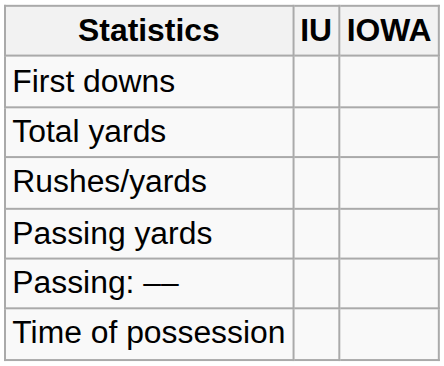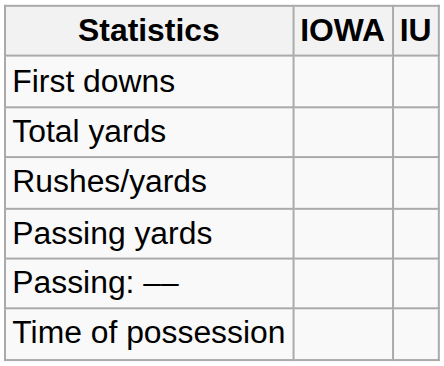 <table class="wikitable" style="float:left">
 <tr>
 <th>Statistics</th>
+<th>IOWA</th>
 <th>IU</th>
-<th>IOWA</th>
 </tr>
 <tr>
 <td>First downs</td>
 <td></td>
 <td></td>
 </tr>
 <tr>
 <td>Total yards</td>
 <td></td>
 <td></td>
 </tr>
 <tr>
 <td>Rushes/yards</td>
 <td></td>
 <td></td>
 </tr>
 <tr>
 <td>Passing yards</td>
 <td></td>
 <td></td>
 </tr>
 <tr>
 <td>Passing: ––</td>
 <td></td>
 <td></td>
 </tr>
 <tr>
 <td>Time of possession</td>
 <td></td>
 <td></td>
 </tr>
 </table>
